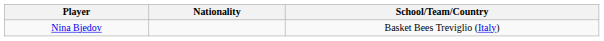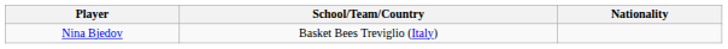 <table class="wikitable" style="text-align:center; width:60em">
 <tr>
 <th>Player</th>
+<th>School/Team/Country</th>
 <th>Nationality</th>
-<th>School/Team/Country</th>
 </tr>
 <tr>
 <td><a href='#'>Nina Bjedov</a></td>
+<td>Basket Bees Treviglio (<a href='#'>Italy</a>)</td>
 <td></td>
-<td>Basket Bees Treviglio (<a href='#'>Italy</a>)</td>
 </tr>
 </table>
